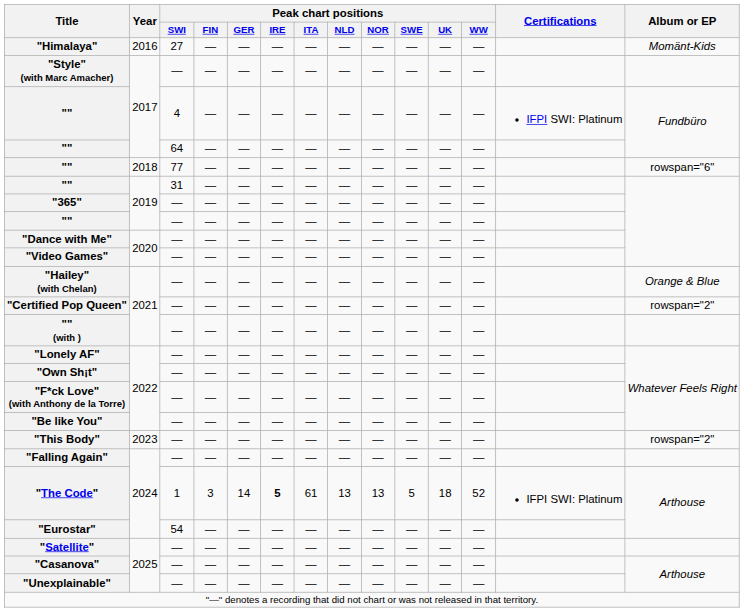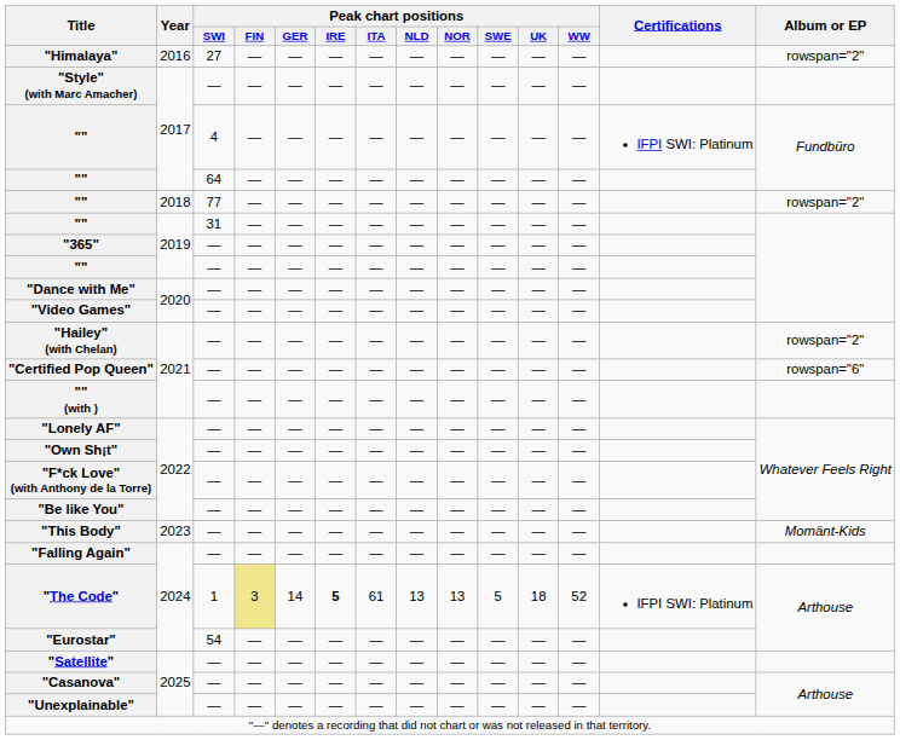 <table class="wikitable plainrowheaders" style="text-align:center;">
 <tr>
 <th scope="col" rowspan="2">Title</th>
 <th scope="col" rowspan="2">Year</th>
 <th scope="col" colspan="10">Peak chart positions</th>
 <th scope="col" rowspan="2"><a href='#'>Certifications</a></th>
 <th scope="col" rowspan="2">Album or EP</th>
 </tr>
 <tr>
 <th scope="col" style="width:3em;font-size:85%;"><a href='#'>SWI</a><br></th>
 <th scope="col" style="width:3em;font-size:85%;"><a href='#'>FIN</a><br></th>
 <th scope="col" style="width:3em;font-size:85%;"><a href='#'>GER</a><br></th>
 <th scope="col" style="width:3em;font-size:85%;"><a href='#'>IRE</a><br></th>
 <th scope="col" style="width:3em;font-size:85%;"><a href='#'>ITA</a><br></th>
 <th scope="col" style="width:3em;font-size:85%;"><a href='#'>NLD</a><br></th>
 <th scope="col" style="width:3em;font-size:85%;"><a href='#'>NOR</a><br></th>
 <th scope="col" style="width:3em;font-size:85%;"><a href='#'>SWE</a><br></th>
 <th scope="col" style="width:3em;font-size:85%;"><a href='#'>UK</a><br></th>
 <th scope="col" style="width:3em;font-size:85%;"><a href='#'>WW</a><br></th>
 </tr>
 <tr>
 <th scope="row">"Himalaya"</th>
 <td>2016</td>
 <td>27</td>
 <td>—</td>
 <td>—</td>
 <td>—</td>
 <td>—</td>
 <td>—</td>
 <td>—</td>
 <td>—</td>
 <td>—</td>
 <td>—</td>
 <td></td>
-<td><em>Momänt-Kids</em></td>
+<td>rowspan="2" </td>
 </tr>
 <tr>
 <th scope="row">"Style"<br><small>(with Marc Amacher)</small></th>
 <td rowspan="3">2017</td>
 <td>—</td>
 <td>—</td>
 <td>—</td>
 <td>—</td>
 <td>—</td>
 <td>—</td>
 <td>—</td>
 <td>—</td>
 <td>—</td>
 <td>—</td>
 <td></td>
 <td></td>
 </tr>
 <tr>
 <th scope="row">""</th>
 <td>4</td>
 <td>—</td>
 <td>—</td>
 <td>—</td>
 <td>—</td>
 <td>—</td>
 <td>—</td>
 <td>—</td>
 <td>—</td>
 <td>—</td>
 <td><br><ul><li><a href='#'>IFPI</a> SWI: Platinum</li></ul></td>
 <td rowspan="2"><em>Fundbüro</em></td>
 </tr>
 <tr>
 <th scope="row">""</th>
 <td>64</td>
 <td>—</td>
 <td>—</td>
 <td>—</td>
 <td>—</td>
 <td>—</td>
 <td>—</td>
 <td>—</td>
 <td>—</td>
 <td>—</td>
 <td></td>
 </tr>
 <tr>
 <th scope="row">""</th>
 <td>2018</td>
 <td>77</td>
 <td>—</td>
 <td>—</td>
 <td>—</td>
 <td>—</td>
 <td>—</td>
 <td>—</td>
 <td>—</td>
 <td>—</td>
 <td>—</td>
 <td></td>
-<td>rowspan="6" </td>
+<td>rowspan="2" </td>
 </tr>
 <tr>
 <th scope="row">""</th>
 <td rowspan="3">2019</td>
 <td>31</td>
 <td>—</td>
 <td>—</td>
 <td>—</td>
 <td>—</td>
 <td>—</td>
 <td>—</td>
 <td>—</td>
 <td>—</td>
 <td>—</td>
 <td></td>
 </tr>
 <tr>
 <th scope="row">"365"</th>
 <td>—</td>
 <td>—</td>
 <td>—</td>
 <td>—</td>
 <td>—</td>
 <td>—</td>
 <td>—</td>
 <td>—</td>
 <td>—</td>
 <td>—</td>
 <td></td>
 </tr>
 <tr>
 <th scope="row">""</th>
 <td>—</td>
 <td>—</td>
 <td>—</td>
 <td>—</td>
 <td>—</td>
 <td>—</td>
 <td>—</td>
 <td>—</td>
 <td>—</td>
 <td>—</td>
 <td></td>
 </tr>
 <tr>
 <th scope="row">"Dance with Me"</th>
 <td rowspan="2">2020</td>
 <td>—</td>
 <td>—</td>
 <td>—</td>
 <td>—</td>
 <td>—</td>
 <td>—</td>
 <td>—</td>
 <td>—</td>
 <td>—</td>
 <td>—</td>
 <td></td>
 </tr>
 <tr>
 <th scope="row">"Video Games"</th>
 <td>—</td>
 <td>—</td>
 <td>—</td>
 <td>—</td>
 <td>—</td>
 <td>—</td>
 <td>—</td>
 <td>—</td>
 <td>—</td>
 <td>—</td>
 <td></td>
 </tr>
 <tr>
 <th scope="row">"Hailey"<br><small>(with Chelan)</small></th>
 <td rowspan="3">2021</td>
 <td>—</td>
 <td>—</td>
 <td>—</td>
 <td>—</td>
 <td>—</td>
 <td>—</td>
 <td>—</td>
 <td>—</td>
 <td>—</td>
 <td>—</td>
 <td></td>
-<td><em>Orange & Blue</em></td>
+<td>rowspan="2" </td>
 </tr>
 <tr>
 <th scope="row">"Certified Pop Queen"</th>
 <td>—</td>
 <td>—</td>
 <td>—</td>
 <td>—</td>
 <td>—</td>
 <td>—</td>
 <td>—</td>
 <td>—</td>
 <td>—</td>
 <td>—</td>
 <td></td>
-<td>rowspan="2" </td>
+<td>rowspan="6" </td>
 </tr>
 <tr>
 <th scope="row">""<br><small>(with )</small></th>
 <td>—</td>
 <td>—</td>
 <td>—</td>
 <td>—</td>
 <td>—</td>
 <td>—</td>
 <td>—</td>
 <td>—</td>
 <td>—</td>
 <td>—</td>
 <td></td>
 </tr>
 <tr>
 <th scope="row">"Lonely AF"</th>
 <td rowspan="4">2022</td>
 <td>—</td>
 <td>—</td>
 <td>—</td>
 <td>—</td>
 <td>—</td>
 <td>—</td>
 <td>—</td>
 <td>—</td>
 <td>—</td>
 <td>—</td>
 <td></td>
 <td rowspan="4"><em>Whatever Feels Right</em></td>
 </tr>
 <tr>
 <th scope="row">"Own Sh¡t"</th>
 <td>—</td>
 <td>—</td>
 <td>—</td>
 <td>—</td>
 <td>—</td>
 <td>—</td>
 <td>—</td>
 <td>—</td>
 <td>—</td>
 <td>—</td>
 <td></td>
 </tr>
 <tr>
 <th scope="row">"F*ck Love"<br><small>(with Anthony de la Torre)</small></th>
 <td>—</td>
 <td>—</td>
 <td>—</td>
 <td>—</td>
 <td>—</td>
 <td>—</td>
 <td>—</td>
 <td>—</td>
 <td>—</td>
 <td>—</td>
 <td></td>
 </tr>
 <tr>
 <th scope="row">"Be like You"</th>
 <td>—</td>
 <td>—</td>
 <td>—</td>
 <td>—</td>
 <td>—</td>
 <td>—</td>
 <td>—</td>
 <td>—</td>
 <td>—</td>
 <td>—</td>
 <td></td>
 </tr>
 <tr>
 <th scope="row">"This Body"</th>
 <td>2023</td>
 <td>—</td>
 <td>—</td>
 <td>—</td>
 <td>—</td>
 <td>—</td>
 <td>—</td>
 <td>—</td>
 <td>—</td>
 <td>—</td>
 <td>—</td>
 <td></td>
-<td>rowspan="2" </td>
+<td><em>Momänt-Kids</em></td>
 </tr>
 <tr>
 <th scope="row">"Falling Again"</th>
 <td rowspan="3">2024</td>
 <td>—</td>
 <td>—</td>
 <td>—</td>
 <td>—</td>
 <td>—</td>
 <td>—</td>
 <td>—</td>
 <td>—</td>
 <td>—</td>
 <td>—</td>
 <td></td>
 </tr>
 <tr>
 <th scope="row">"<a href='#'>The Code</a>"</th>
 <td>1</td>
-<td>3</td>
+<td style="background: khaki;">3</td>
 <td>14</td>
 <td><strong>5</strong></td>
 <td>61</td>
 <td>13</td>
 <td>13</td>
 <td>5</td>
 <td>18</td>
 <td>52</td>
 <td><br><ul><li>IFPI SWI: Platinum</li></ul></td>
 <td rowspan="2"><em>Arthouse</em></td>
 </tr>
 <tr>
 <th scope="row">"Eurostar"</th>
 <td>54</td>
 <td>—</td>
 <td>—</td>
 <td>—</td>
 <td>—</td>
 <td>—</td>
 <td>—</td>
 <td>—</td>
 <td>—</td>
 <td>—</td>
 <td></td>
 </tr>
 <tr>
 <th scope="row">"<a href='#'>Satellite</a>"</th>
 <td rowspan="3">2025</td>
 <td>—</td>
 <td>—</td>
 <td>—</td>
 <td>—</td>
 <td>—</td>
 <td>—</td>
 <td>—</td>
 <td>—</td>
 <td>—</td>
 <td>—</td>
 <td></td>
 <td></td>
 </tr>
 <tr>
 <th scope="row">"Casanova"</th>
 <td>—</td>
 <td>—</td>
 <td>—</td>
 <td>—</td>
 <td>—</td>
 <td>—</td>
 <td>—</td>
 <td>—</td>
 <td>—</td>
 <td>—</td>
 <td></td>
 <td rowspan="2"><em>Arthouse</em></td>
 </tr>
 <tr>
 <th scope="row">"Unexplainable"</th>
 <td>—</td>
 <td>—</td>
 <td>—</td>
 <td>—</td>
 <td>—</td>
 <td>—</td>
 <td>—</td>
 <td>—</td>
 <td>—</td>
 <td>—</td>
 <td></td>
 </tr>
 <tr>
 <td colspan="14" style="font-size:85%">"—" denotes a recording that did not chart or was not released in that territory.</td>
 </tr>
 </table>
